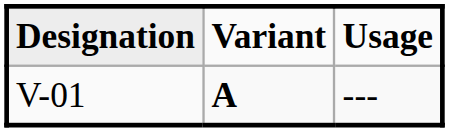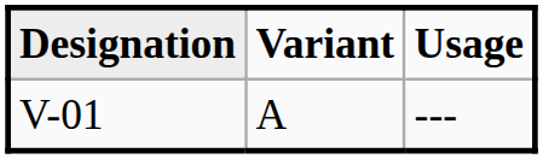 <table class="wikitable" style="margin:4px; border:2px solid #000000; font-size:95%;">
 <tr>
 <th style="background:#EDEDED;">Designation</th>
 <th style="background:#FAFAFA;">Variant</th>
 <th style="background:#FAFAFA;">Usage</th>
 </tr>
 <tr>
 <td style="background:#FAFAFA;">V-01</td>
-<td><strong>A</strong></td>
+<td>A</td>
 <td>---</td>
 </tr>
 <tr>
 </tr>
 </table>
